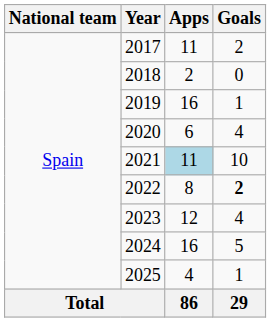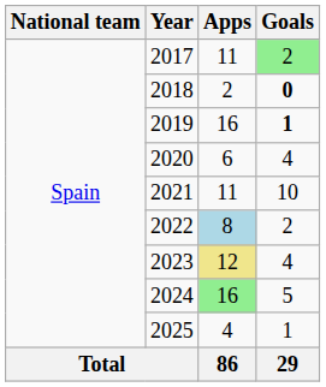 <table class="wikitable" style="text-align:center">
 <tr>
 <th>National team</th>
 <th>Year</th>
 <th>Apps</th>
 <th>Goals</th>
 </tr>
 <tr>
 <td rowspan="9"><a href='#'>Spain</a></td>
 <td>2017</td>
 <td>11</td>
-<td>2</td>
+<td style="background: lightgreen;">2</td>
 </tr>
 <tr>
 <td>2018</td>
 <td>2</td>
-<td>0</td>
+<td><strong>0</strong></td>
 </tr>
 <tr>
 <td>2019</td>
 <td>16</td>
-<td>1</td>
+<td><strong>1</strong></td>
 </tr>
 <tr>
 <td>2020</td>
 <td>6</td>
 <td>4</td>
 </tr>
 <tr>
 <td>2021</td>
-<td style="background: lightblue;">11</td>
+<td>11</td>
 <td>10</td>
 </tr>
 <tr>
 <td>2022</td>
-<td>8</td>
-<td><strong>2</strong></td>
+<td style="background: lightblue;">8</td>
+<td>2</td>
 </tr>
 <tr>
 <td>2023</td>
-<td>12</td>
+<td style="background: khaki;">12</td>
 <td>4</td>
 </tr>
 <tr>
 <td>2024</td>
-<td>16</td>
+<td style="background: lightgreen;">16</td>
 <td>5</td>
 </tr>
 <tr>
 <td>2025</td>
 <td>4</td>
 <td>1</td>
 </tr>
 <tr>
 <th colspan="2">Total</th>
 <th>86</th>
 <th>29</th>
 </tr>
 </table>
